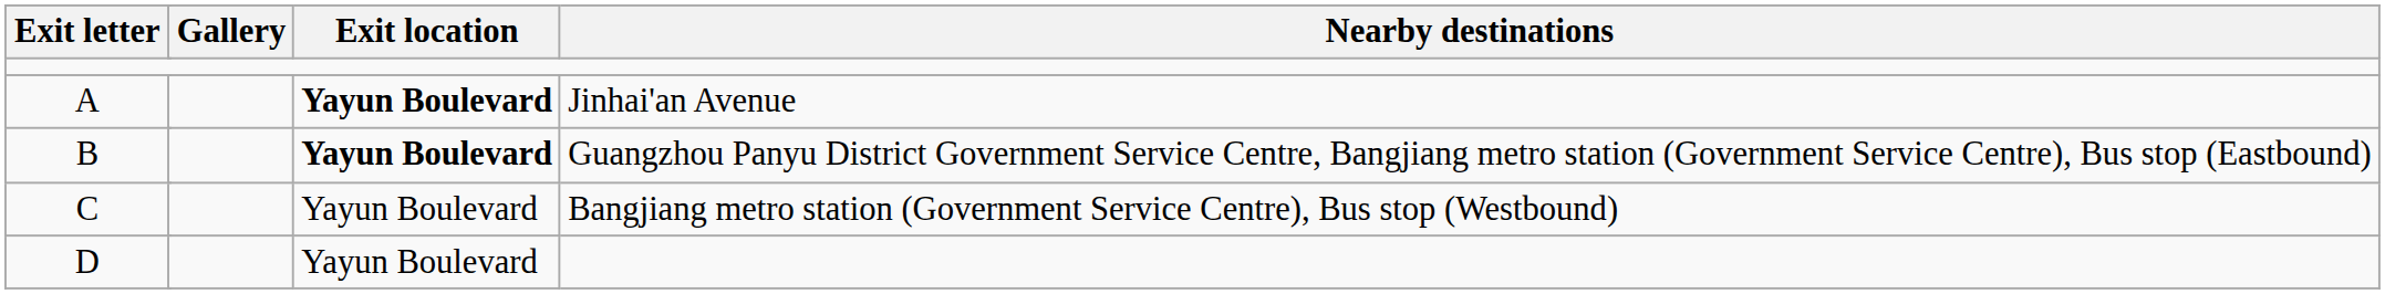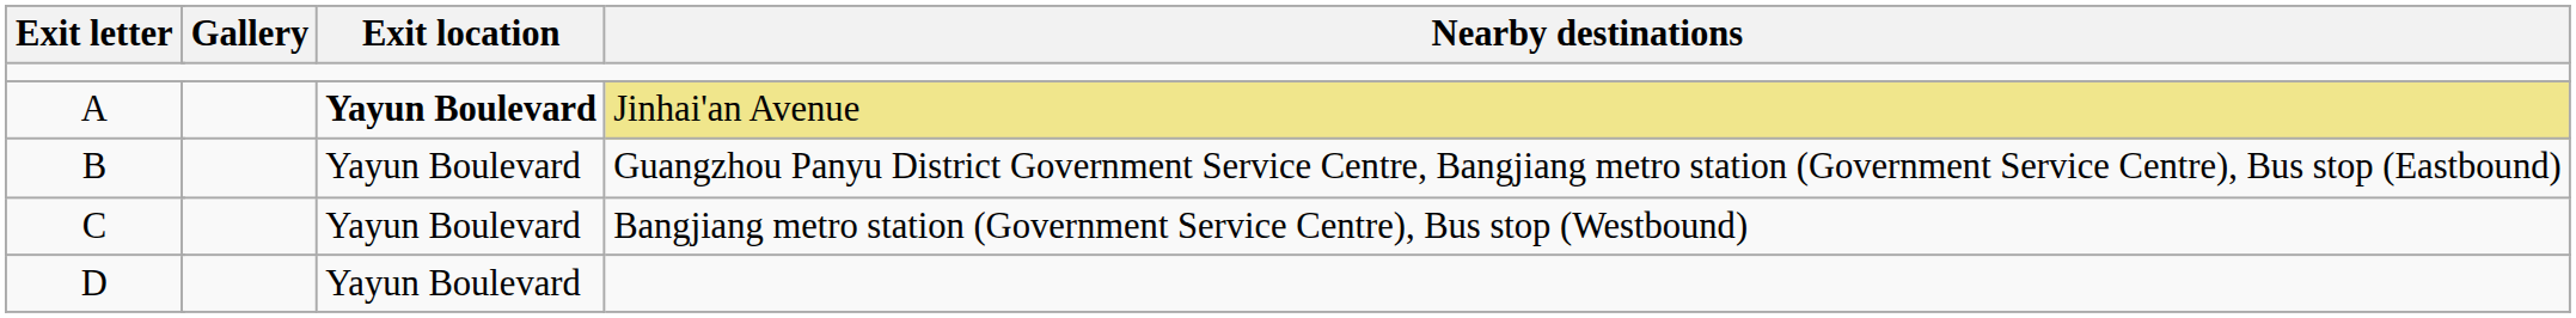 <table class="wikitable">
 <tr>
 <th style="width:70px" colspan="2">Exit letter</th>
 <th>Gallery</th>
 <th>Exit location</th>
 <th>Nearby destinations</th>
 </tr>
 <tr style="background:#">
 <td colspan = "6"></td>
 </tr>
 <tr>
 <td align="center" colspan="2">A</td>
 <td></td>
 <td><strong>Yayun Boulevard</strong></td>
-<td>Jinhai'an Avenue</td>
+<td style="background: khaki;">Jinhai'an Avenue</td>
 </tr>
 <tr>
 <td align="center" colspan="2">B</td>
 <td></td>
-<td><strong>Yayun Boulevard</strong></td>
+<td>Yayun Boulevard</td>
 <td>Guangzhou Panyu District Government Service Centre, Bangjiang metro station (Government Service Centre), Bus stop (Eastbound)</td>
 </tr>
 <tr>
 <td align="center" colspan="2">C</td>
 <td></td>
 <td>Yayun Boulevard</td>
 <td>Bangjiang metro station (Government Service Centre), Bus stop (Westbound)</td>
 </tr>
 <tr>
 <td align="center" colspan="2">D</td>
 <td></td>
 <td>Yayun Boulevard</td>
 <td></td>
 </tr>
 </table>
